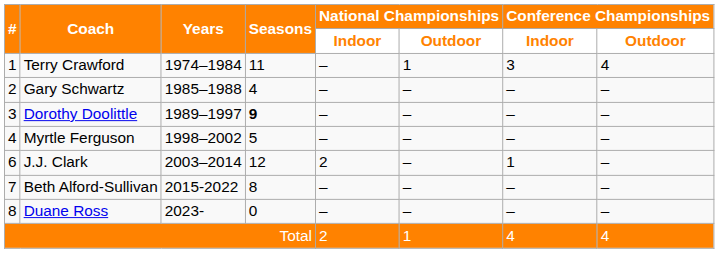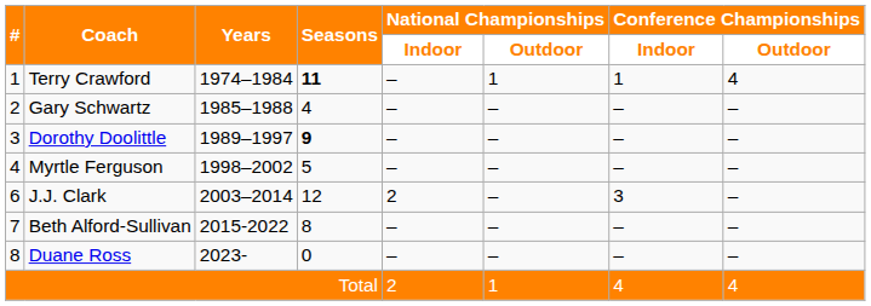 <table class="wikitable">
 <tr>
 <th rowspan="2" style="background: #FF8200; color:white;">#</th>
 <th rowspan="2" style="background: #FF8200; color:white;">Coach</th>
 <th rowspan="2" style="background: #FF8200; color:white;">Years</th>
 <th rowspan="2" style="background: #FF8200; color:white;">Seasons</th>
 <th colspan="2" style="background: #FF8200; color:white;">National Championships</th>
 <th colspan="2" style="background: #FF8200; color:white;">Conference Championships</th>
 </tr>
 <tr align="center" style="width:20px; background: white; color:#FF8200; text-align:center">
 <td><strong>Indoor</strong></td>
 <td><strong>Outdoor</strong></td>
 <td><strong>Indoor</strong></td>
 <td><strong>Outdoor</strong></td>
 </tr>
 <tr>
 <td>1</td>
 <td>Terry Crawford</td>
 <td>1974–1984</td>
-<td>11</td>
+<td><strong>11</strong></td>
 <td>–</td>
 <td>1</td>
-<td>3</td>
+<td>1</td>
 <td>4</td>
 </tr>
 <tr>
 <td>2</td>
 <td>Gary Schwartz</td>
 <td>1985–1988</td>
 <td>4</td>
 <td>–</td>
 <td>–</td>
 <td>–</td>
 <td>–</td>
 </tr>
 <tr>
 <td>3</td>
 <td><a href='#'>Dorothy Doolittle</a></td>
 <td>1989–1997</td>
 <td><strong>9</strong></td>
 <td>–</td>
 <td>–</td>
 <td>–</td>
 <td>–</td>
 </tr>
 <tr>
 <td>4</td>
 <td>Myrtle Ferguson</td>
 <td>1998–2002</td>
 <td>5</td>
 <td>–</td>
 <td>–</td>
 <td>–</td>
 <td>–</td>
 </tr>
 <tr>
 <td>6</td>
 <td>J.J. Clark</td>
 <td>2003–2014</td>
 <td>12</td>
 <td>2</td>
 <td>–</td>
-<td>1</td>
+<td>3</td>
 <td>–</td>
 </tr>
 <tr>
 <td>7</td>
 <td>Beth Alford-Sullivan</td>
 <td>2015-2022</td>
 <td>8</td>
 <td>–</td>
 <td>–</td>
 <td>–</td>
 <td>–</td>
 </tr>
 <tr>
 <td>8</td>
 <td><a href='#'>Duane Ross</a></td>
 <td>2023-</td>
 <td>0</td>
 <td>–</td>
 <td>–</td>
 <td>–</td>
 <td>–</td>
 </tr>
 <tr style= "background: #FF8200; color:white">
 <td colspan="4" align="right">Total</td>
 <td>2</td>
 <td>1</td>
 <td>4</td>
 <td>4</td>
 </tr>
 </table>
